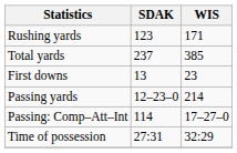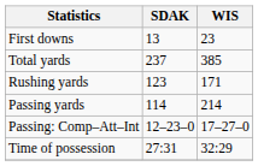 <table class="wikitable" style="float: left;">
 <tr>
 <th>Statistics</th>
 <th>SDAK</th>
 <th>WIS</th>
 </tr>
 <tr>
-<td>Rushing yards</td>
-<td>123</td>
-<td>171</td>
+<td>First downs</td>
+<td>13</td>
+<td>23</td>
 </tr>
 <tr>
 <td>Total yards</td>
 <td>237</td>
 <td>385</td>
 </tr>
 <tr>
-<td>First downs</td>
-<td>13</td>
-<td>23</td>
+<td>Rushing yards</td>
+<td>123</td>
+<td>171</td>
 </tr>
 <tr>
 <td>Passing yards</td>
-<td>12–23–0</td>
+<td>114</td>
 <td>214</td>
 </tr>
 <tr>
 <td>Passing: Comp–Att–Int</td>
-<td>114</td>
+<td>12–23–0</td>
 <td>17–27–0</td>
 </tr>
 <tr>
 <td>Time of possession</td>
 <td>27:31</td>
 <td>32:29</td>
 </tr>
 <tr>
 </tr>
 </table>
